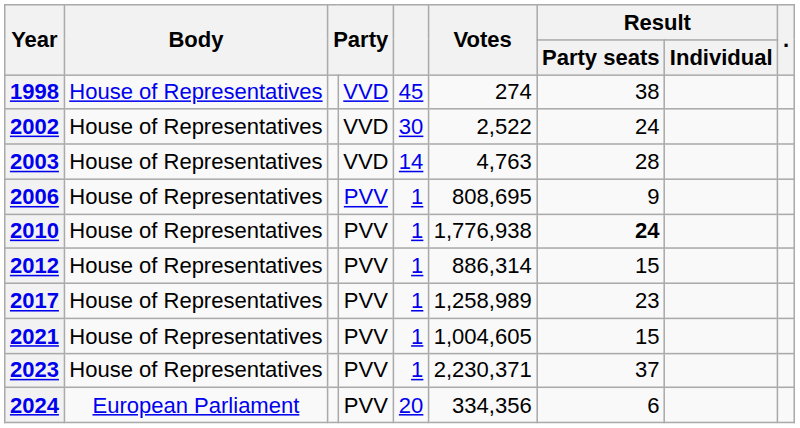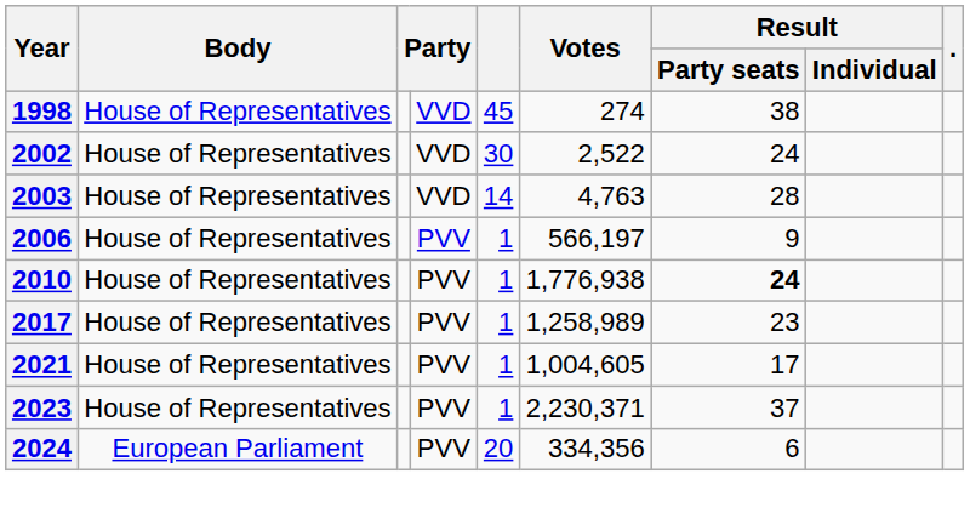 <table class="wikitable plainrowheaders sortable" border=2 cellpadding=4 cellspacing=0 style="border: 1px #aaa solid; font-size: 90%; text-align:center;">
 <tr>
 <th scope="col" rowspan=2>Year</th>
 <th scope="col" rowspan=2>Body</th>
 <th scope="col" colspan=2 rowspan=2>Party</th>
 <th scope="col" rowspan=2></th>
 <th scope="col" rowspan=2>Votes</th>
 <th scope="colgroup" colspan=2>Result</th>
 <th scope="col" rowspan=2 class="unsortable">.</th>
 </tr>
 <tr>
 <th scope="col">Party seats</th>
 <th scope="col">Individual</th>
 </tr>
 <tr>
 <th scope="row"><a href='#'>1998</a></th>
 <td><a href='#'>House of Representatives</a></td>
 <td style="background-color:"></td>
 <td><a href='#'>VVD</a></td>
 <td style=text-align:right><a href='#'>45</a></td>
 <td style=text-align:right>274</td>
 <td style=text-align:right>38</td>
 <td></td>
 <td></td>
 </tr>
 <tr>
 <th scope="row"><a href='#'>2002</a></th>
 <td>House of Representatives</td>
 <td style="background-color:"></td>
 <td>VVD</td>
 <td style=text-align:right><a href='#'>30</a></td>
 <td style=text-align:right>2,522</td>
 <td style=text-align:right>24</td>
 <td></td>
 <td></td>
 </tr>
 <tr>
 <th scope="row"><a href='#'>2003</a></th>
 <td>House of Representatives</td>
 <td style="background-color:"></td>
 <td>VVD</td>
 <td style=text-align:right><a href='#'>14</a></td>
 <td style=text-align:right>4,763</td>
 <td style=text-align:right>28</td>
 <td></td>
 <td></td>
 </tr>
 <tr>
 <th scope="row"><a href='#'>2006</a></th>
 <td>House of Representatives</td>
 <td style="background-color:"></td>
 <td><a href='#'>PVV</a></td>
 <td style=text-align:right><a href='#'>1</a></td>
-<td style=text-align:right>808,695</td>
+<td style=text-align:right>566,197</td>
 <td style=text-align:right>9</td>
 <td></td>
 <td></td>
 </tr>
 <tr>
 <th scope="row"><a href='#'>2010</a></th>
 <td>House of Representatives</td>
 <td style="background-color:"></td>
 <td>PVV</td>
 <td style=text-align:right><a href='#'>1</a></td>
 <td style=text-align:right>1,776,938</td>
 <td style=text-align:right><strong>24</strong></td>
-<td></td>
-<td></td>
-</tr>
-<tr>
-<th scope="row"><a href='#'>2012</a></th>
-<td>House of Representatives</td>
-<td style="background-color:"></td>
-<td>PVV</td>
-<td style=text-align:right><a href='#'>1</a></td>
-<td style=text-align:right>886,314</td>
-<td style=text-align:right>15</td>
 <td></td>
 <td></td>
 </tr>
 <tr>
 <th scope="row"><a href='#'>2017</a></th>
 <td>House of Representatives</td>
 <td style="background-color:"></td>
 <td>PVV</td>
 <td style=text-align:right><a href='#'>1</a></td>
 <td style=text-align:right>1,258,989</td>
 <td style=text-align:right>23</td>
 <td></td>
 <td></td>
 </tr>
 <tr>
 <th scope="row"><a href='#'>2021</a></th>
 <td>House of Representatives</td>
 <td style="background-color:"></td>
 <td>PVV</td>
 <td style=text-align:right><a href='#'>1</a></td>
 <td style=text-align:right>1,004,605</td>
-<td style=text-align:right>15</td>
+<td style=text-align:right>17</td>
 <td></td>
 <td></td>
 </tr>
 <tr>
 <th scope="row"><a href='#'>2023</a></th>
 <td>House of Representatives</td>
 <td style="background-color:"></td>
 <td>PVV</td>
 <td style=text-align:right><a href='#'>1</a></td>
 <td style=text-align:right>2,230,371</td>
 <td style=text-align:right>37</td>
 <td></td>
 <td></td>
 </tr>
 <tr>
 <th scope="row"><a href='#'>2024</a></th>
 <td><a href='#'>European Parliament</a></td>
 <td style="background-color:"></td>
 <td>PVV</td>
 <td style=text-align:right><a href='#'>20</a></td>
 <td style=text-align:right>334,356</td>
 <td style=text-align:right>6</td>
 <td></td>
 <td></td>
 </tr>
 </table>
